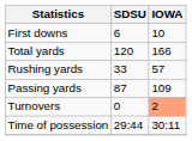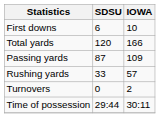 <table class="wikitable">
 <tr>
 <th>Statistics</th>
 <th>SDSU</th>
 <th>IOWA</th>
 </tr>
 <tr>
 <td>First downs</td>
 <td>6</td>
 <td>10</td>
 </tr>
 <tr>
 <td>Total yards</td>
 <td>120</td>
 <td>166</td>
 </tr>
 <tr>
+<td>Passing yards</td>
+<td>87</td>
+<td>109</td>
+</tr>
+<tr>
 <td>Rushing yards</td>
 <td>33</td>
 <td>57</td>
 </tr>
 <tr>
-<td>Passing yards</td>
-<td>87</td>
-<td>109</td>
-</tr>
-<tr>
 <td>Turnovers</td>
 <td>0</td>
-<td style="background: lightsalmon;">2</td>
+<td>2</td>
 </tr>
 <tr>
 <td>Time of possession</td>
 <td>29:44</td>
 <td>30:11</td>
 </tr>
 <tr>
 </tr>
 </table>
